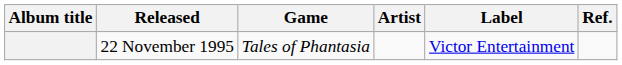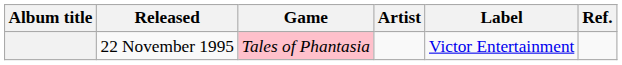 <table class="wikitable sortable">
 <tr>
 <th>Album title</th>
 <th data-sort-type="isoDate">Released</th>
 <th>Game</th>
 <th>Artist</th>
 <th>Label</th>
 <th>Ref.</th>
 </tr>
 <tr>
 <th></th>
 <td data-sort-value="1995-11-22">22 November 1995</td>
-<td><em>Tales of Phantasia</em></td>
+<td style="background: pink;"><em>Tales of Phantasia</em></td>
 <td></td>
 <td rowspan="2"><a href='#'>Victor Entertainment</a></td>
 <td></td>
 </tr>
 </table>
